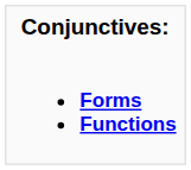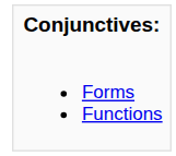 <table style = "margin-left: 1em; border: 1px solid #e0e0e0; background-color: #fafafa; padding: 2px; float: right; clear: right; font-size: 85%">
 <tr>
 <td style = "text-align: center"><strong>Conjunctives:</strong></td>
 </tr>
 <tr>
-<td style = "font-size: 90%"><strong><br><ul><li><a href='#'>Forms</a></li><li><a href='#'>Functions</a></li></ul></strong></td>
+<td style = "font-size: 90%"><br><ul><li><a href='#'>Forms</a></li><li><a href='#'>Functions</a></li></ul></td>
 </tr>
 </table>
